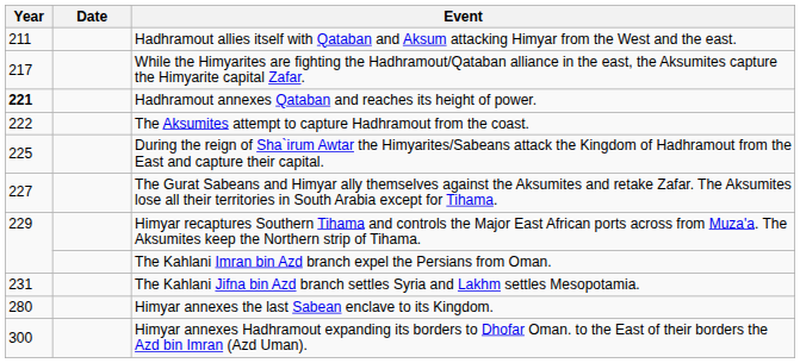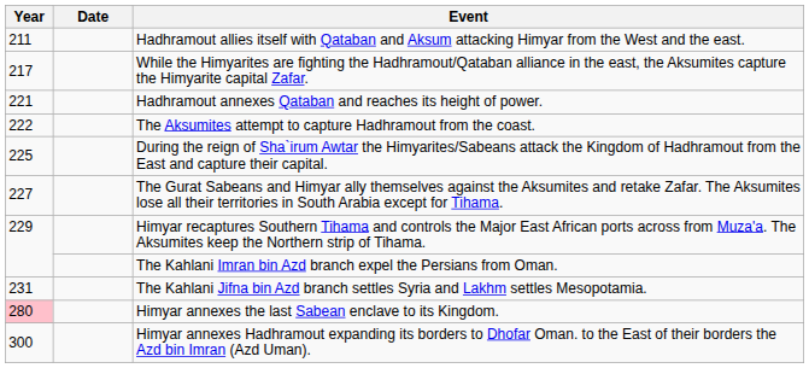 <table class="wikitable" width="100%">
 <tr>
 <th style="width:6%">Year</th>
 <th style="width:10%">Date</th>
 <th>Event</th>
 </tr>
 <tr>
 <td>211</td>
 <td></td>
 <td>Hadhramout allies itself with <a href='#'>Qataban</a> and <a href='#'>Aksum</a> attacking Himyar from the West and the east.</td>
 </tr>
 <tr>
 <td>217</td>
 <td></td>
 <td>While the Himyarites are fighting the Hadhramout/Qataban alliance in the east, the Aksumites capture the Himyarite capital <a href='#'>Zafar</a>.</td>
 </tr>
 <tr>
-<td><strong>221</strong></td>
+<td>221</td>
 <td></td>
 <td>Hadhramout annexes <a href='#'>Qataban</a> and reaches its height of power.</td>
 </tr>
 <tr>
 <td>222</td>
 <td></td>
 <td>The <a href='#'>Aksumites</a> attempt to capture Hadhramout from the coast.</td>
 </tr>
 <tr>
 <td>225</td>
 <td></td>
 <td>During the reign of <a href='#'>Sha`irum Awtar</a> the Himyarites/Sabeans attack the Kingdom of Hadhramout from the East and capture their capital.</td>
 </tr>
 <tr>
 <td>227</td>
 <td></td>
 <td>The Gurat Sabeans and Himyar ally themselves against the Aksumites and retake Zafar. The Aksumites lose all their territories in South Arabia except for <a href='#'>Tihama</a>.</td>
 </tr>
 <tr>
 <td rowspan="2" valign="top">229</td>
 <td></td>
 <td>Himyar recaptures Southern <a href='#'>Tihama</a> and controls the Major East African ports across from <a href='#'>Muza'a</a>. The Aksumites keep the Northern strip of Tihama.</td>
 </tr>
 <tr>
 <td></td>
 <td>The Kahlani <a href='#'>Imran bin Azd</a> branch expel the Persians from Oman.</td>
 </tr>
 <tr>
 <td>231</td>
 <td></td>
 <td>The Kahlani <a href='#'>Jifna bin Azd</a> branch settles Syria and <a href='#'>Lakhm</a> settles Mesopotamia.</td>
 </tr>
 <tr>
-<td>280</td>
+<td style="background: pink;">280</td>
 <td></td>
 <td>Himyar annexes the last <a href='#'>Sabean</a> enclave to its Kingdom.</td>
 </tr>
 <tr>
 <td>300</td>
 <td></td>
 <td>Himyar annexes Hadhramout expanding its borders to <a href='#'>Dhofar</a> Oman. to the East of their borders the <a href='#'>Azd bin Imran</a> (Azd Uman).</td>
 </tr>
 </table>
